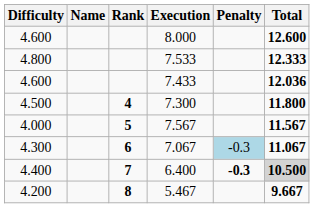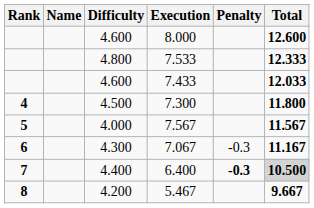 <table class="wikitable sortable" style="text-align:center">
 <tr>
+<th>Rank</th>
+<th>Name</th>
 <th>Difficulty</th>
-<th>Name</th>
-<th>Rank</th>
 <th>Execution</th>
 <th>Penalty</th>
 <th>Total</th>
 </tr>
 <tr>
+<td></td>
+<td align="left"></td>
 <td>4.600</td>
-<td align="left"></td>
-<td></td>
 <td>8.000</td>
 <td></td>
 <td><strong>12.600</strong></td>
 </tr>
 <tr>
+<td></td>
+<td align="left"></td>
 <td>4.800</td>
-<td align="left"></td>
-<td></td>
 <td>7.533</td>
 <td></td>
 <td><strong>12.333</strong></td>
 </tr>
 <tr>
+<td></td>
+<td align="left"></td>
 <td>4.600</td>
-<td align="left"></td>
-<td></td>
 <td>7.433</td>
 <td></td>
-<td><strong>12.036</strong></td>
+<td><strong>12.033</strong></td>
 </tr>
 <tr>
+<td><strong>4</strong></td>
+<td align="left"></td>
 <td>4.500</td>
-<td align="left"></td>
-<td><strong>4</strong></td>
 <td>7.300</td>
 <td></td>
 <td><strong>11.800</strong></td>
 </tr>
 <tr>
+<td><strong>5</strong></td>
+<td align="left"></td>
 <td>4.000</td>
-<td align="left"></td>
-<td><strong>5</strong></td>
 <td>7.567</td>
 <td></td>
 <td><strong>11.567</strong></td>
 </tr>
 <tr>
+<td><strong>6</strong></td>
+<td align="left"></td>
 <td>4.300</td>
-<td align="left"></td>
-<td><strong>6</strong></td>
 <td>7.067</td>
-<td style="background: lightblue;">-0.3</td>
-<td><strong>11.067</strong></td>
+<td>-0.3</td>
+<td><strong>11.167</strong></td>
 </tr>
 <tr>
+<td><strong>7</strong></td>
+<td align="left"></td>
 <td>4.400</td>
-<td align="left"></td>
-<td><strong>7</strong></td>
 <td>6.400</td>
 <td><strong>-0.3</strong></td>
 <td style="background: lightgrey;"><strong>10.500</strong></td>
 </tr>
 <tr>
+<td><strong>8</strong></td>
+<td align="left"></td>
 <td>4.200</td>
-<td align="left"></td>
-<td><strong>8</strong></td>
 <td>5.467</td>
 <td></td>
 <td><strong>9.667</strong></td>
 </tr>
 </table>
